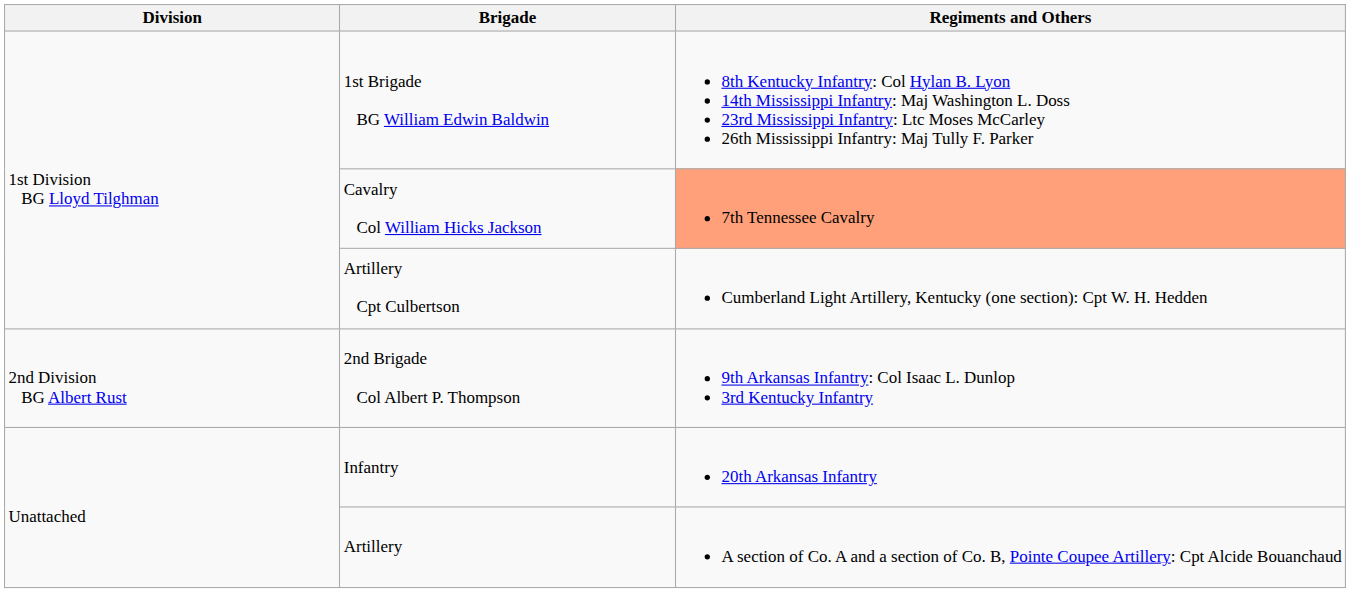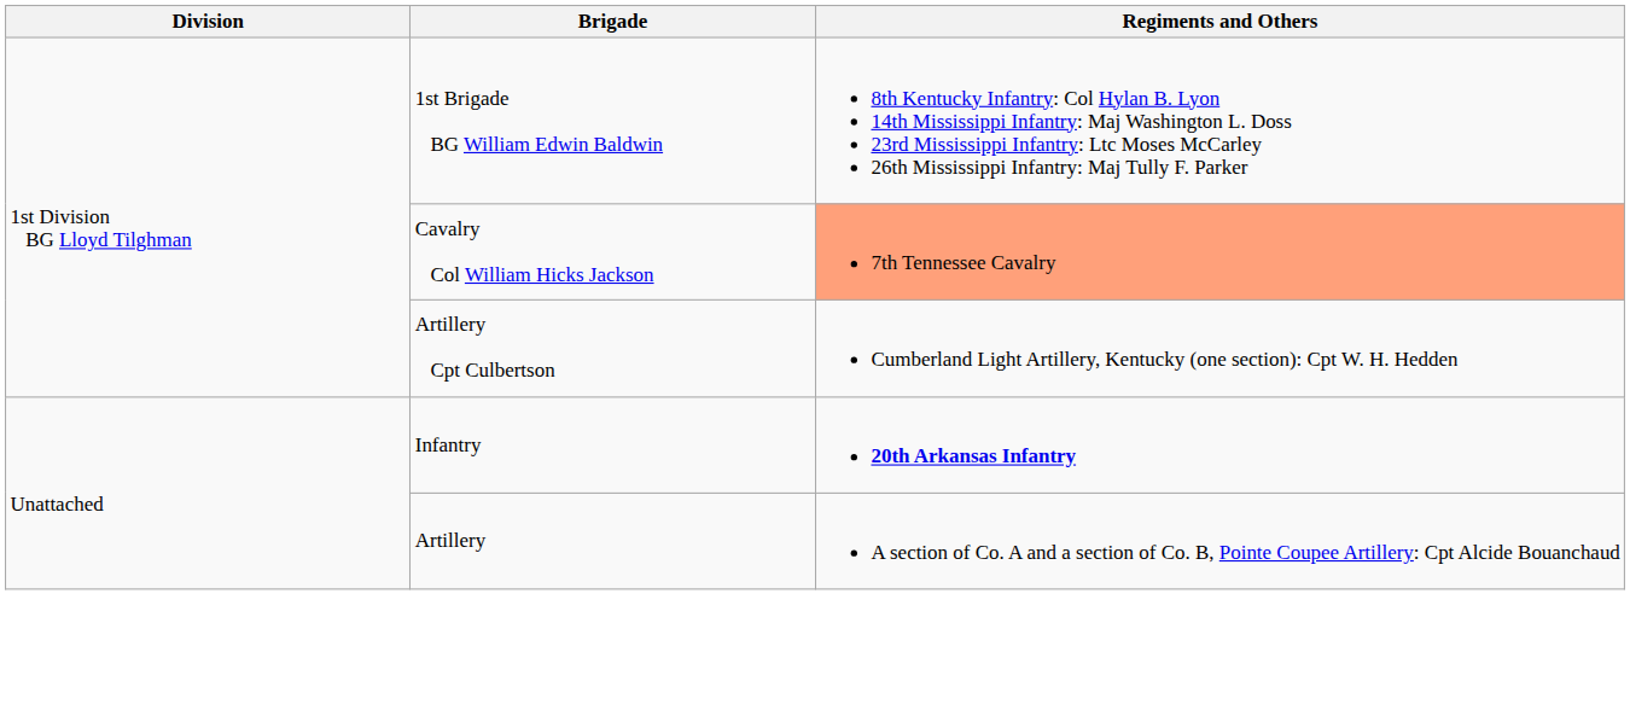 <table class="wikitable">
 <tr>
 <th width=25%>Division</th>
 <th width=25%>Brigade</th>
 <th>Regiments and Others</th>
 </tr>
 <tr>
 <td rowspan=3><br>1st Division <br>   BG <a href='#'>Lloyd Tilghman</a></td>
 <td>1st Brigade<br><br>   BG <a href='#'>William Edwin Baldwin</a></td>
 <td><br><ul><li><a href='#'>8th Kentucky Infantry</a>: Col <a href='#'>Hylan B. Lyon</a></li><li><a href='#'>14th Mississippi Infantry</a>: Maj Washington L. Doss</li><li><a href='#'>23rd Mississippi Infantry</a>: Ltc Moses McCarley</li><li>26th Mississippi Infantry: Maj  Tully F. Parker</li></ul></td>
 </tr>
 <tr>
 <td>Cavalry<br><br>   Col <a href='#'>William Hicks Jackson</a></td>
 <td style="background: lightsalmon;"><br><ul><li>7th Tennessee Cavalry</li></ul></td>
 </tr>
 <tr>
 <td>Artillery<br><br>   Cpt Culbertson</td>
 <td><br><ul><li>Cumberland Light Artillery, Kentucky (one section): Cpt W. H. Hedden</li></ul></td>
 </tr>
 <tr>
-<td rowspan=1><br>2nd Division <br>   BG <a href='#'>Albert Rust</a></td>
-<td>2nd Brigade<br><br>   Col Albert P. Thompson</td>
-<td><br><ul><li><a href='#'>9th Arkansas Infantry</a>: Col Isaac L. Dunlop</li><li><a href='#'>3rd Kentucky Infantry</a></li></ul></td>
-</tr>
-<tr>
 <td rowspan=2><br>Unattached</td>
 <td>Infantry</td>
-<td><br><ul><li><a href='#'>20th Arkansas Infantry</a></li></ul></td>
+<td><strong><br><ul><li><a href='#'>20th Arkansas Infantry</a></li></ul></strong></td>
 </tr>
 <tr>
 <td>Artillery</td>
 <td><br><ul><li>A section of Co. A and a section of Co. B, <a href='#'>Pointe Coupee Artillery</a>: Cpt Alcide Bouanchaud</li></ul></td>
 </tr>
 </table>
